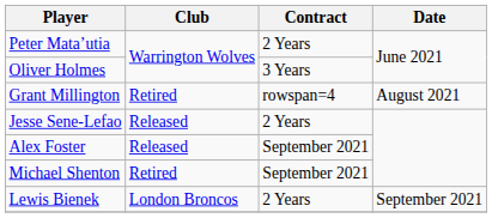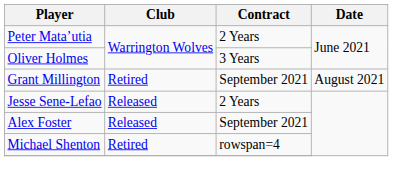 <table class="wikitable">
 <tr>
 <th>Player</th>
 <th>Club</th>
 <th>Contract</th>
 <th>Date</th>
 </tr>
 <tr>
 <td> <a href='#'>Peter Mata’utia</a></td>
 <td rowspan=2><a href='#'>Warrington Wolves</a></td>
 <td>2 Years</td>
 <td rowspan=2>June 2021</td>
 </tr>
 <tr>
 <td> <a href='#'>Oliver Holmes</a></td>
 <td>3 Years</td>
 </tr>
 <tr>
 <td> <a href='#'>Grant Millington</a></td>
 <td><a href='#'>Retired</a></td>
-<td>rowspan=4</td>
+<td>September 2021</td>
 <td>August 2021</td>
 </tr>
 <tr>
 <td> <a href='#'>Jesse Sene-Lefao</a></td>
 <td><a href='#'>Released</a></td>
 <td>2 Years</td>
 </tr>
 <tr>
 <td> <a href='#'>Alex Foster</a></td>
 <td><a href='#'>Released</a></td>
 <td>September 2021</td>
 </tr>
 <tr>
 <td> <a href='#'>Michael Shenton</a></td>
 <td><a href='#'>Retired</a></td>
-<td>September 2021</td>
-</tr>
-<tr>
-<td> <a href='#'>Lewis Bienek</a></td>
-<td><a href='#'>London Broncos</a></td>
-<td>2 Years</td>
-<td>September 2021</td>
+<td>rowspan=4</td>
 </tr>
 <tr>
 </tr>
 </table>
